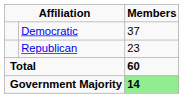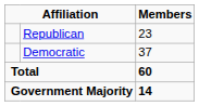 <table class="wikitable">
 <tr>
 <td colspan="2" rowspan="1" align="center" valign="top"><strong>Affiliation</strong></td>
 <td style="vertical-align:top;"><strong>Members</strong></td>
 </tr>
 <tr>
 <td style="background-color:"> </td>
-<td><a href='#'>Democratic</a></td>
-<td>37</td>
+<td><a href='#'>Republican</a></td>
+<td>23</td>
 </tr>
 <tr>
 <td style="background-color:"> </td>
-<td><a href='#'>Republican</a></td>
-<td>23</td>
+<td><a href='#'>Democratic</a></td>
+<td>37</td>
 </tr>
 <tr>
 <td colspan="2" rowspan="1"> <strong>Total</strong></td>
 <td><strong>60</strong></td>
 </tr>
 <tr>
 <td colspan="2" rowspan="1"> <strong>Government Majority</strong></td>
-<td style="background: lightgreen;"><strong>14</strong></td>
+<td><strong>14</strong></td>
 </tr>
 </table>
